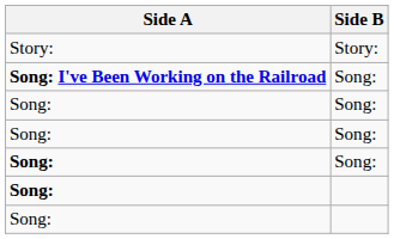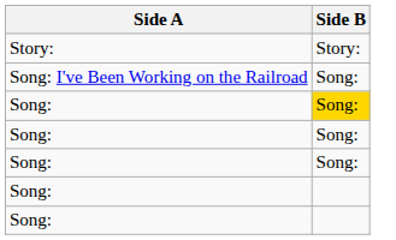 <table class="wikitable">
 <tr>
 <th>Side A</th>
 <th>Side B</th>
 </tr>
 <tr>
 <td>Story: </td>
 <td>Story: </td>
 </tr>
 <tr>
-<td><strong>Song: <a href='#'>I've Been Working on the Railroad</a></strong></td>
+<td>Song: <a href='#'>I've Been Working on the Railroad</a></td>
 <td>Song: </td>
+</tr>
+<tr>
+<td>Song: </td>
+<td style="background: gold;">Song: </td>
 </tr>
 <tr>
 <td>Song: </td>
 <td>Song: </td>
 </tr>
 <tr>
 <td>Song: </td>
 <td>Song: </td>
 </tr>
 <tr>
-<td><strong>Song: </strong></td>
 <td>Song: </td>
-</tr>
-<tr>
-<td><strong>Song: </strong></td>
 <td></td>
 </tr>
 <tr>
 <td>Song: </td>
 <td></td>
 </tr>
 </table>
